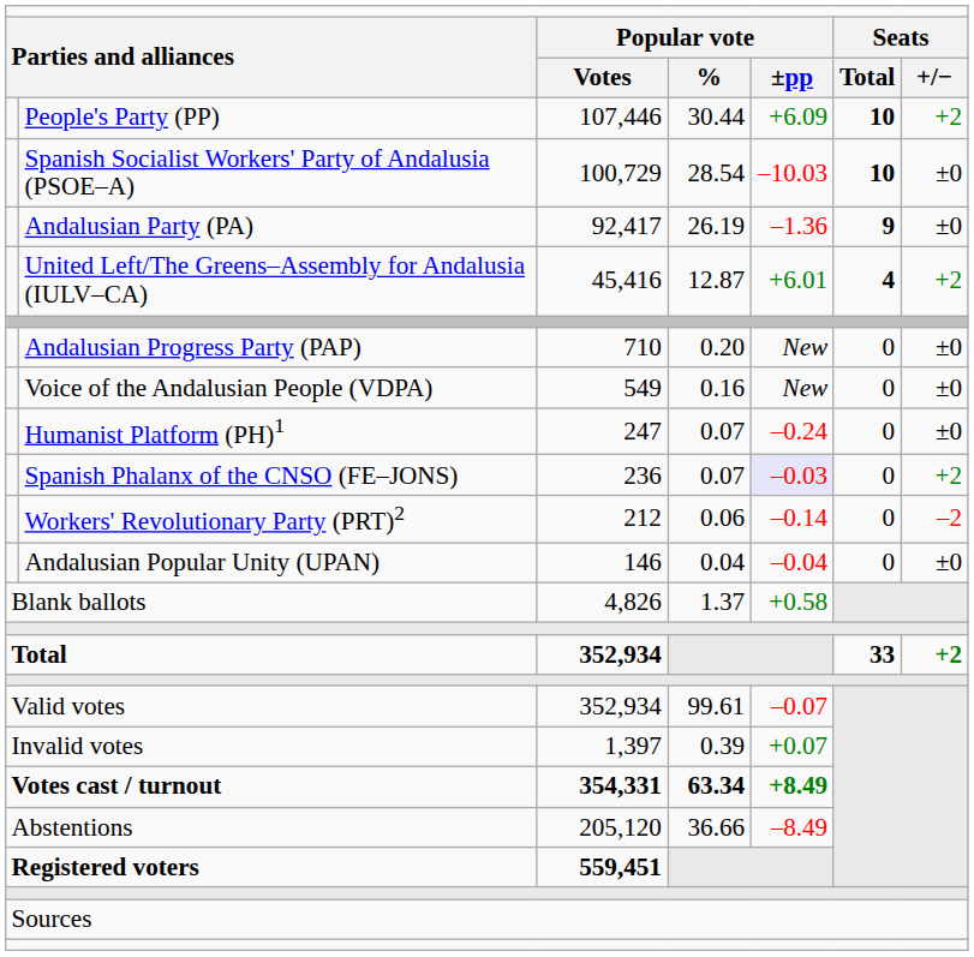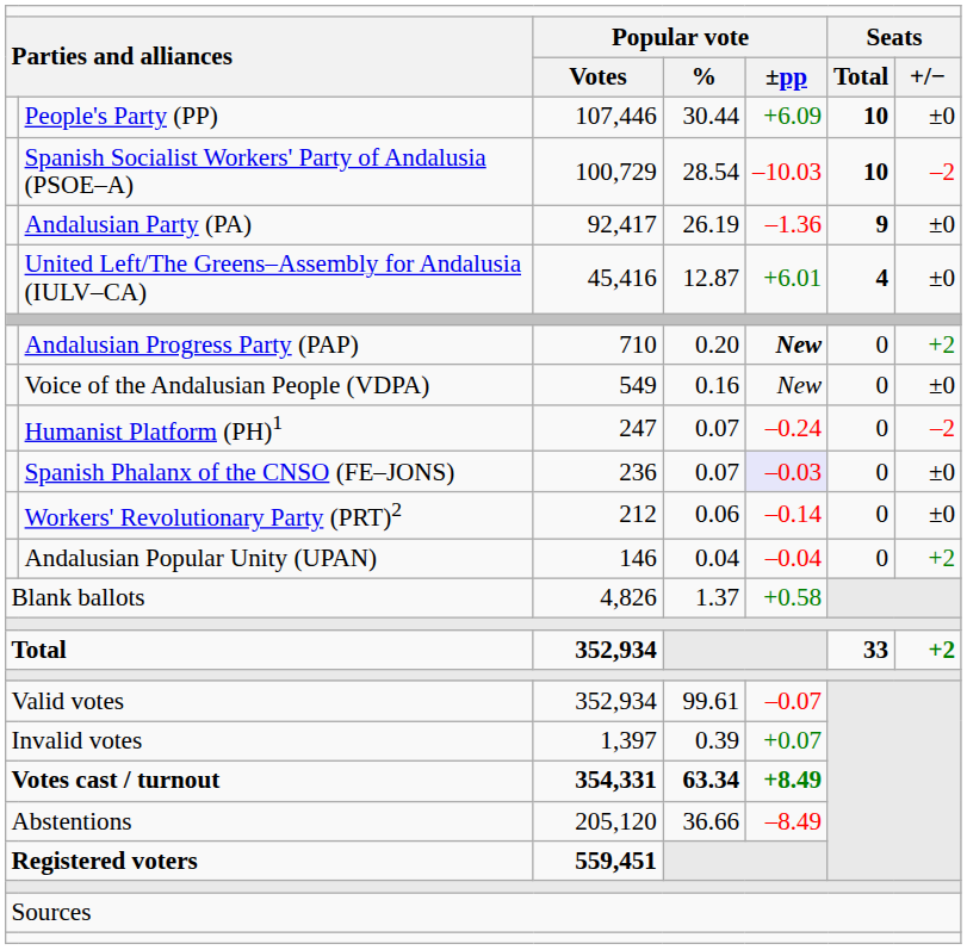 <table class="wikitable" style="text-align:right;">
 <tr>
 <td colspan="7"></td>
 </tr>
 <tr>
 <th style="text-align:left;" rowspan="2" colspan="2" width="525">Parties and alliances</th>
 <th colspan="3">Popular vote</th>
 <th colspan="2">Seats</th>
 </tr>
 <tr>
 <th width="75">Votes</th>
 <th width="45">%</th>
 <th width="45">±<a href='#'>pp</a></th>
 <th width="35">Total</th>
 <th width="35">+/−</th>
 </tr>
 <tr>
 <td width="1" style="color:inherit;background:"></td>
 <td align="left"><a href='#'>People's Party</a> (PP)</td>
 <td>107,446</td>
 <td>30.44</td>
 <td style="color:green;">+6.09</td>
 <td><strong>10</strong></td>
-<td style="color:green;">+2</td>
+<td>±0</td>
 </tr>
 <tr>
 <td style="color:inherit;background:"></td>
 <td align="left"><a href='#'>Spanish Socialist Workers' Party of Andalusia</a> (PSOE–A)</td>
 <td>100,729</td>
 <td>28.54</td>
 <td style="color:red;">–10.03</td>
 <td><strong>10</strong></td>
-<td>±0</td>
+<td style="color:red;">–2</td>
 </tr>
 <tr>
 <td style="color:inherit;background:"></td>
 <td align="left"><a href='#'>Andalusian Party</a> (PA)</td>
 <td>92,417</td>
 <td>26.19</td>
 <td style="color:red;">–1.36</td>
 <td><strong>9</strong></td>
 <td>±0</td>
 </tr>
 <tr>
 <td style="color:inherit;background:"></td>
 <td align="left"><a href='#'>United Left/The Greens–Assembly for Andalusia</a> (IULV–CA)</td>
 <td>45,416</td>
 <td>12.87</td>
 <td style="color:green;">+6.01</td>
 <td><strong>4</strong></td>
-<td style="color:green;">+2</td>
+<td>±0</td>
 </tr>
 <tr>
 <td colspan="7" bgcolor="#C0C0C0"></td>
 </tr>
 <tr>
 <td style="color:inherit;background:"></td>
 <td align="left"><a href='#'>Andalusian Progress Party</a> (PAP)</td>
 <td>710</td>
 <td>0.20</td>
-<td><em>New</em></td>
+<td><strong><em>New</em></strong></td>
 <td>0</td>
-<td>±0</td>
+<td style="color:green;">+2</td>
 </tr>
 <tr>
 <td style="color:inherit;background:"></td>
 <td align="left">Voice of the Andalusian People (VDPA)</td>
 <td>549</td>
 <td>0.16</td>
 <td><em>New</em></td>
 <td>0</td>
 <td>±0</td>
 </tr>
 <tr>
 <td style="color:inherit;background:"></td>
 <td align="left"><a href='#'>Humanist Platform</a> (PH)<sup>1</sup></td>
 <td>247</td>
 <td>0.07</td>
 <td style="color:red;">–0.24</td>
 <td>0</td>
-<td>±0</td>
+<td style="color:red;">–2</td>
 </tr>
 <tr>
 <td style="color:inherit;background:"></td>
 <td align="left"><a href='#'>Spanish Phalanx of the CNSO</a> (FE–JONS)</td>
 <td>236</td>
 <td>0.07</td>
 <td style="background: lavender; color:red;">–0.03</td>
 <td>0</td>
-<td style="color:green;">+2</td>
+<td>±0</td>
 </tr>
 <tr>
 <td style="color:inherit;background:"></td>
 <td align="left"><a href='#'>Workers' Revolutionary Party</a> (PRT)<sup>2</sup></td>
 <td>212</td>
 <td>0.06</td>
 <td style="color:red;">–0.14</td>
 <td>0</td>
-<td style="color:red;">–2</td>
+<td>±0</td>
 </tr>
 <tr>
 <td style="color:inherit;background:"></td>
 <td align="left">Andalusian Popular Unity (UPAN)</td>
 <td>146</td>
 <td>0.04</td>
 <td style="color:red;">–0.04</td>
 <td>0</td>
-<td>±0</td>
+<td style="color:green;">+2</td>
 </tr>
 <tr>
 <td align="left" colspan="2">Blank ballots</td>
 <td>4,826</td>
 <td>1.37</td>
 <td style="color:green;">+0.58</td>
 <td bgcolor="#E9E9E9" colspan="2"></td>
 </tr>
 <tr>
 <td colspan="7" bgcolor="#E9E9E9"></td>
 </tr>
 <tr style="font-weight:bold;">
 <td align="left" colspan="2">Total</td>
 <td>352,934</td>
 <td bgcolor="#E9E9E9" colspan="2"></td>
 <td>33</td>
 <td style="color:green;">+2</td>
 </tr>
 <tr>
 <td colspan="7" bgcolor="#E9E9E9"></td>
 </tr>
 <tr>
 <td align="left" colspan="2">Valid votes</td>
 <td>352,934</td>
 <td>99.61</td>
 <td style="color:red;">–0.07</td>
 <td bgcolor="#E9E9E9" colspan="2" rowspan="5"></td>
 </tr>
 <tr>
 <td align="left" colspan="2">Invalid votes</td>
 <td>1,397</td>
 <td>0.39</td>
 <td style="color:green;">+0.07</td>
 </tr>
 <tr style="font-weight:bold;">
 <td align="left" colspan="2">Votes cast / turnout</td>
 <td>354,331</td>
 <td>63.34</td>
 <td style="color:green;">+8.49</td>
 </tr>
 <tr>
 <td align="left" colspan="2">Abstentions</td>
 <td>205,120</td>
 <td>36.66</td>
 <td style="color:red;">–8.49</td>
 </tr>
 <tr style="font-weight:bold;">
 <td align="left" colspan="2">Registered voters</td>
 <td>559,451</td>
 <td bgcolor="#E9E9E9" colspan="2"></td>
 </tr>
 <tr>
 <td colspan="7" bgcolor="#E9E9E9"></td>
 </tr>
 <tr>
 <td align="left" colspan="7">Sources</td>
 </tr>
 <tr>
 <td colspan="7" style="text-align:left; max-width:790px;"></td>
 </tr>
 </table>
